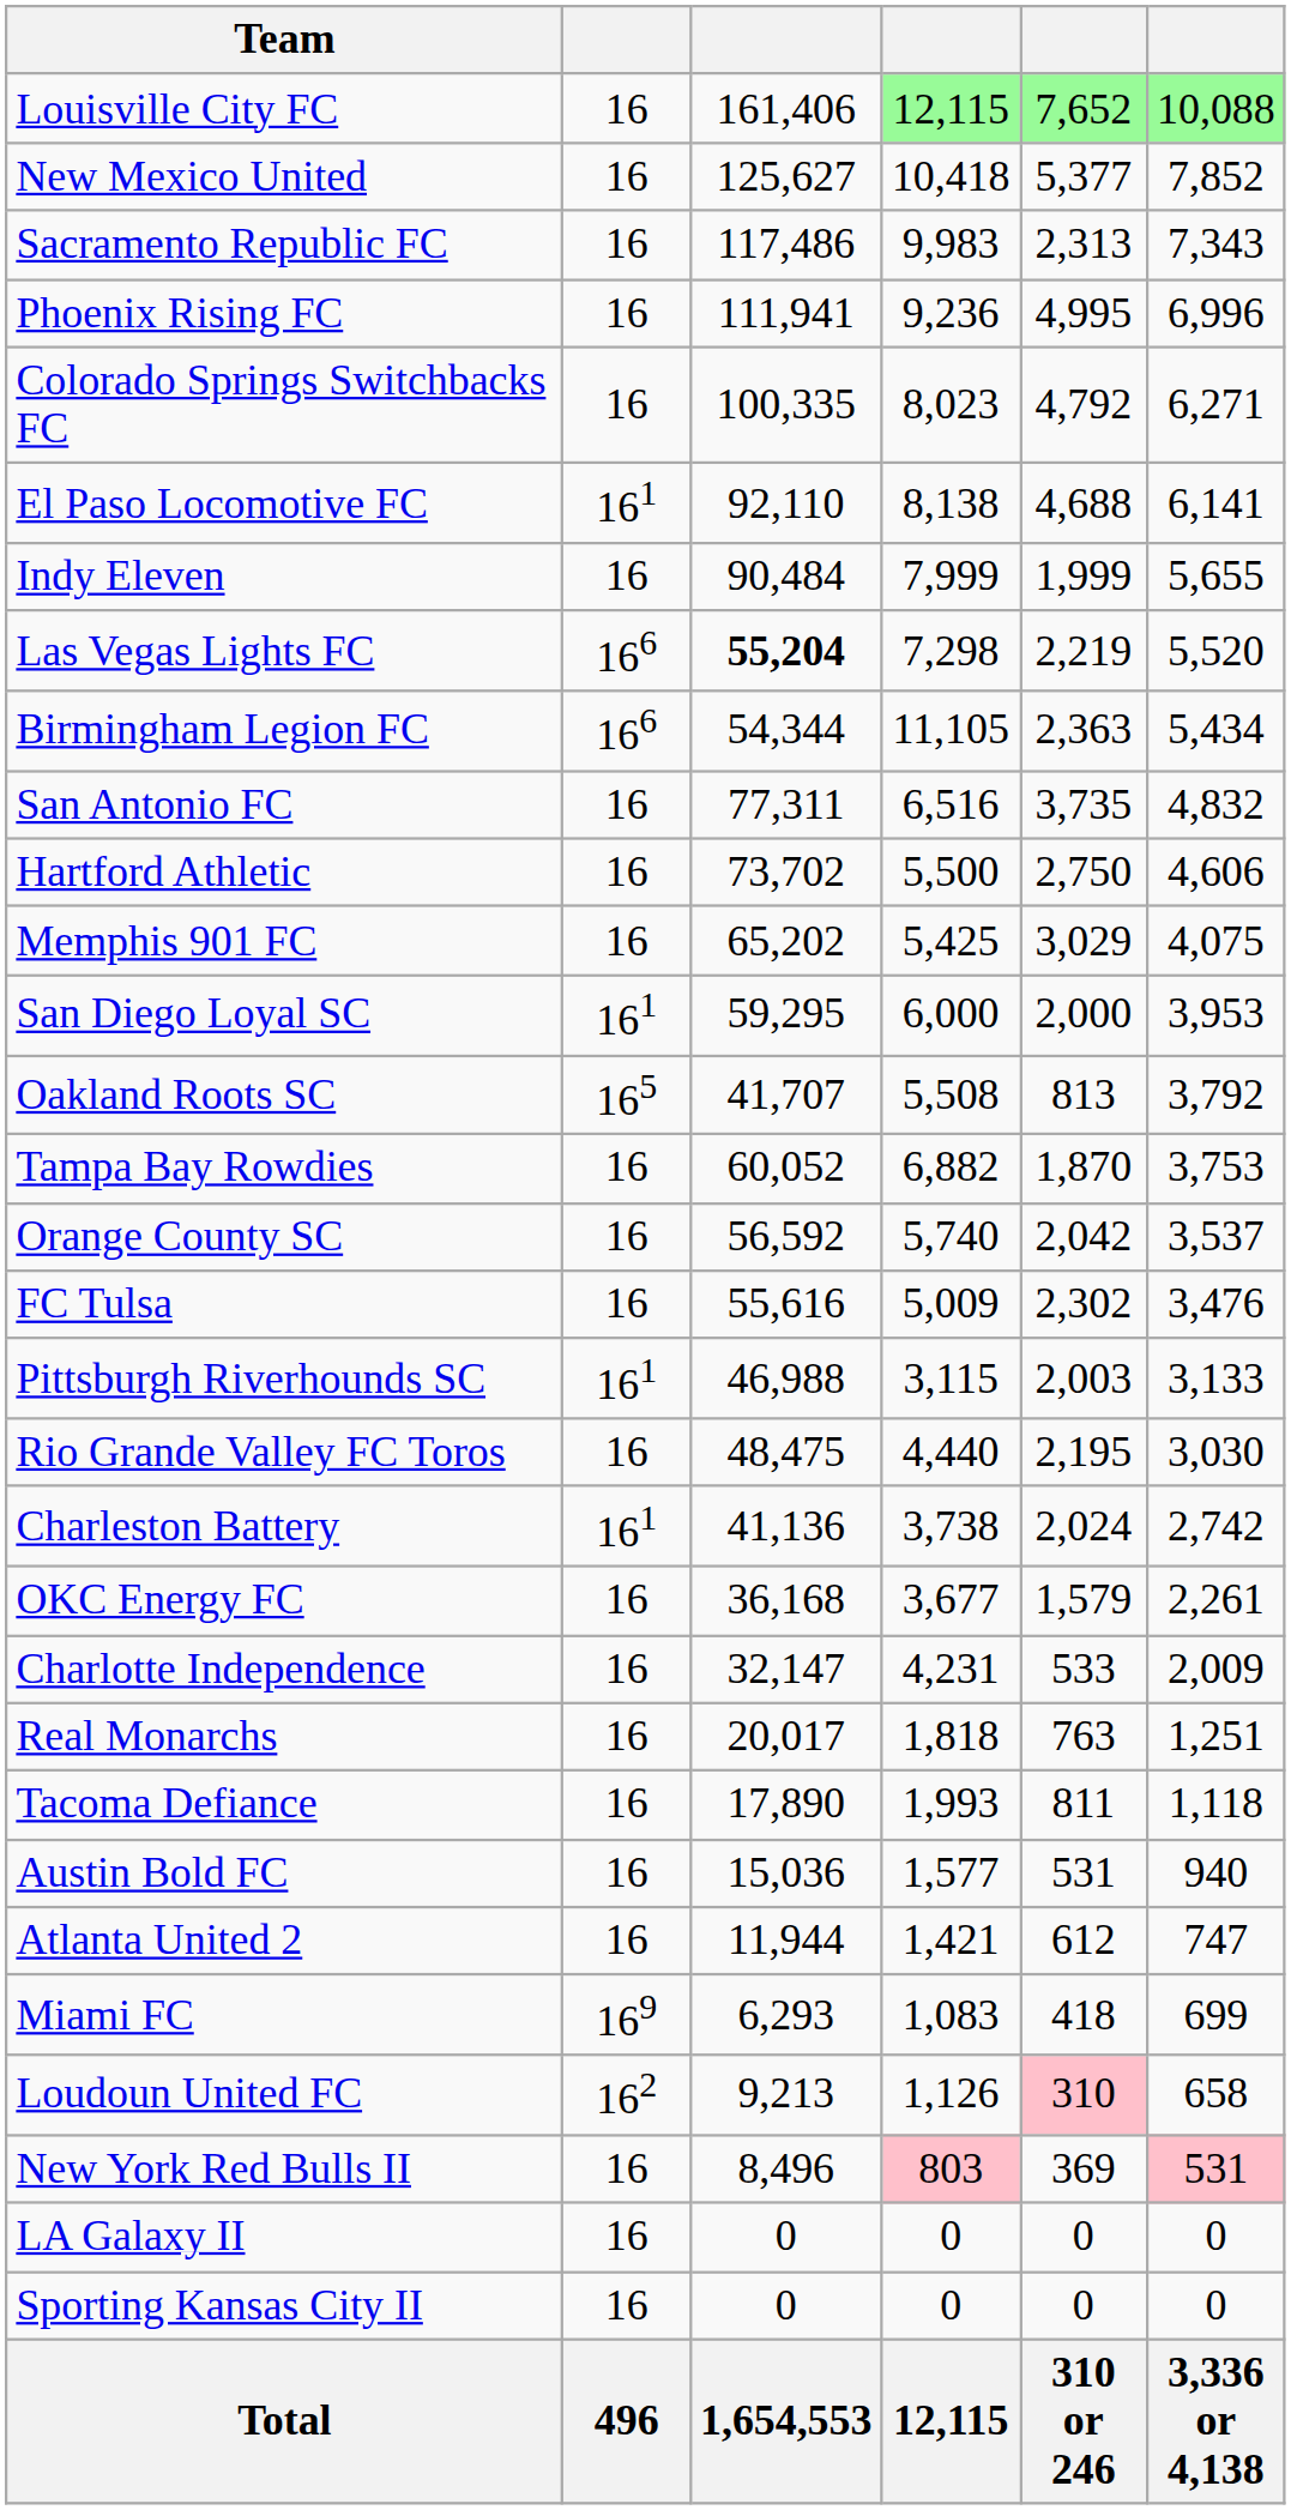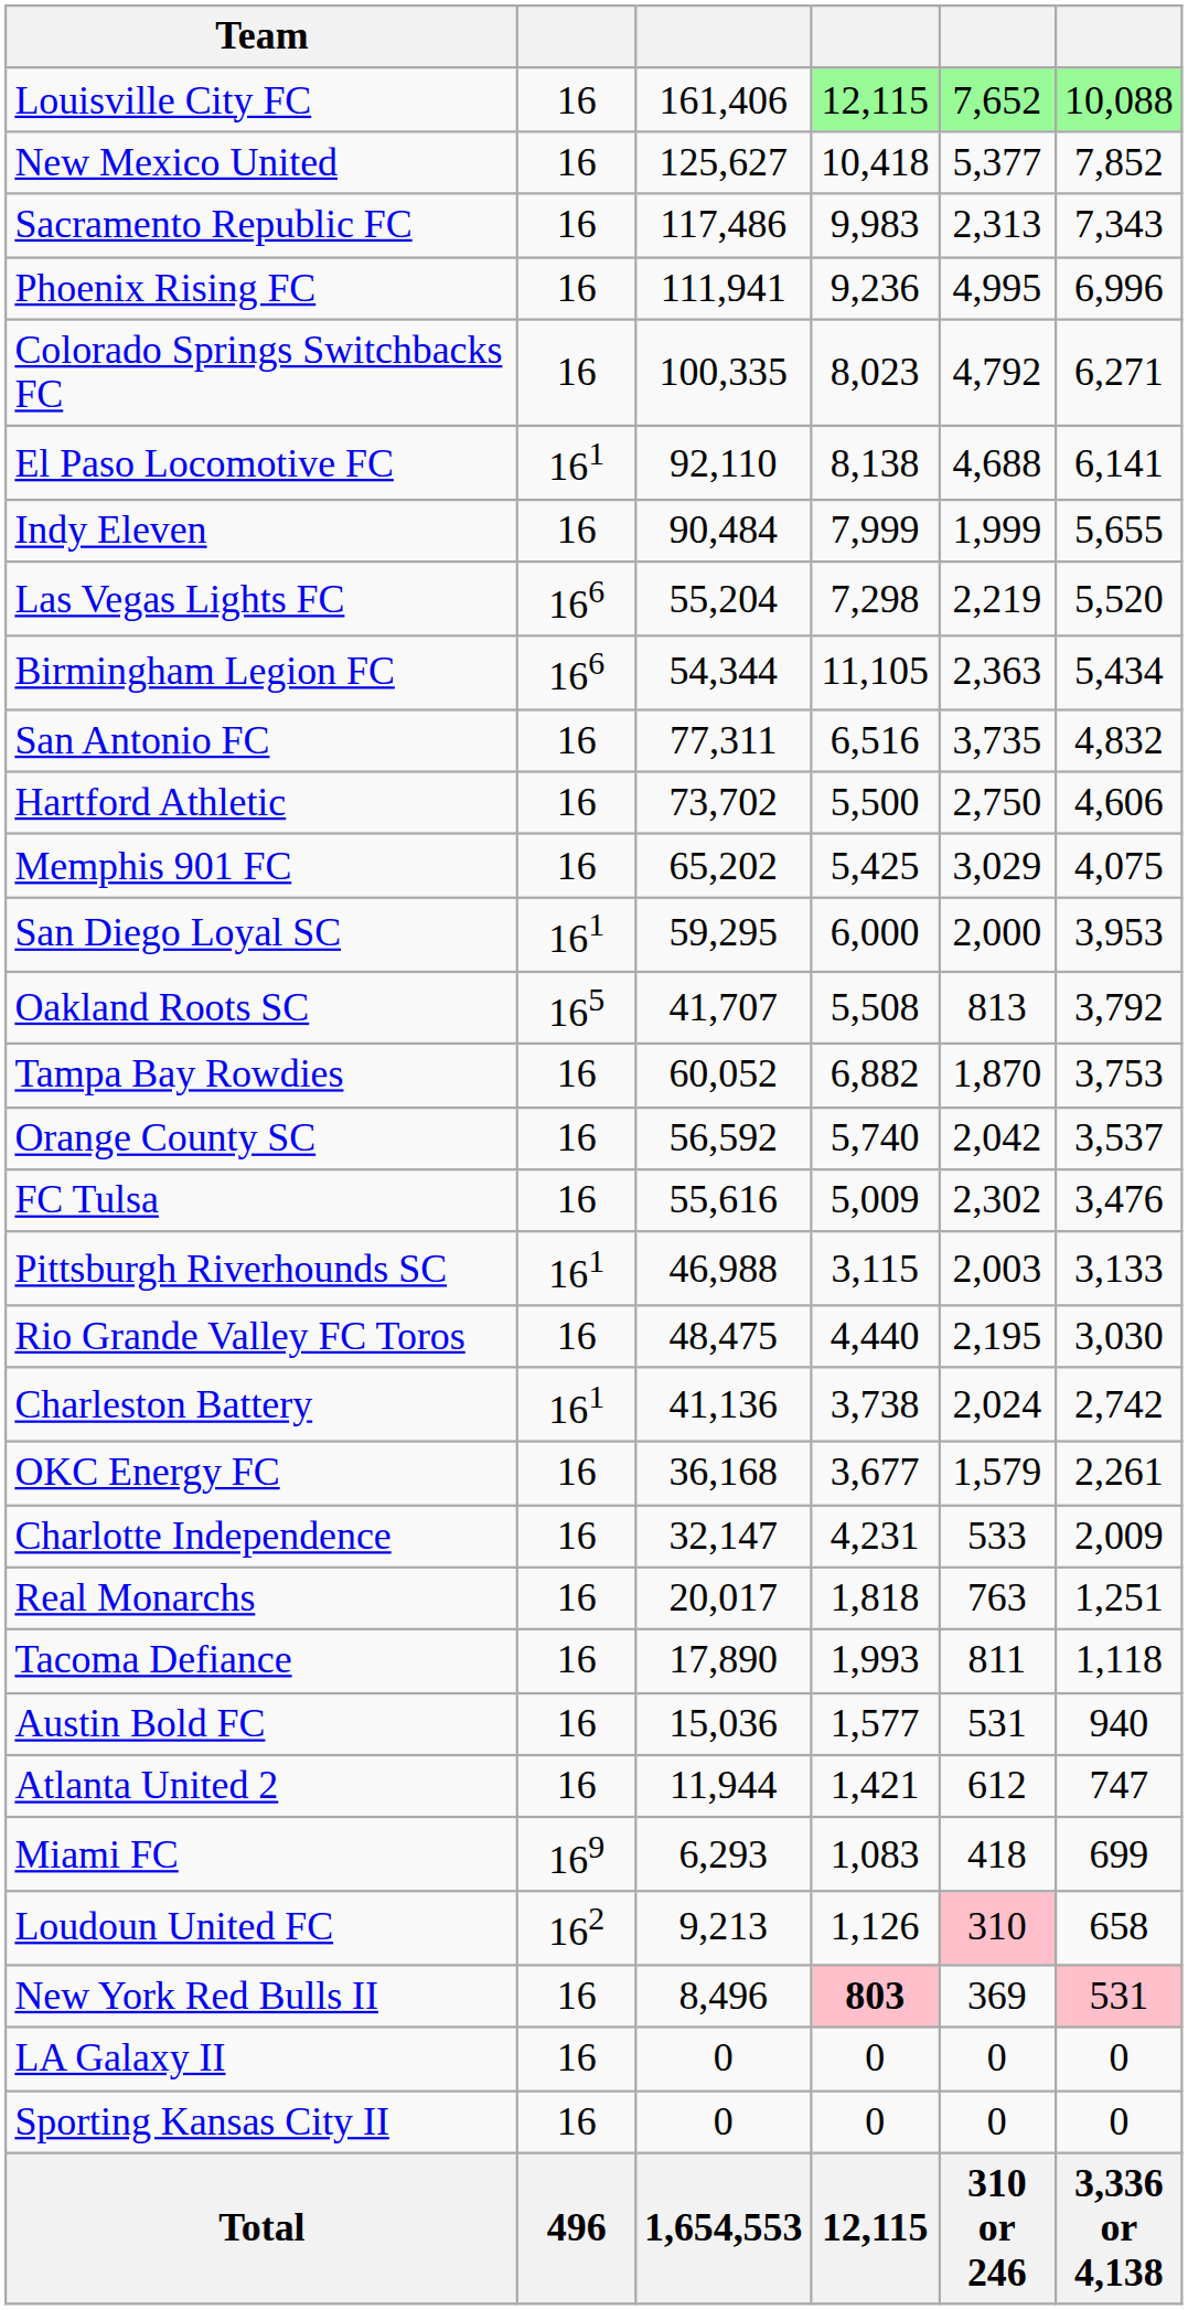 <table class="wikitable sortable">
 <tr>
 <th width=200>Team</th>
 <th width=40></th>
 <th width=40></th>
 <th width=40></th>
 <th width=40></th>
 <th width=40></th>
 </tr>
 <tr align="center">
 <td align="left"><a href='#'>Louisville City FC</a></td>
 <td>16</td>
 <td>161,406</td>
 <td bgcolor="#98fb98">12,115</td>
 <td bgcolor="#98fb98">7,652</td>
 <td bgcolor="#98fb98">10,088</td>
 </tr>
 <tr align="center">
 <td align="left"><a href='#'>New Mexico United</a></td>
 <td>16</td>
 <td>125,627</td>
 <td>10,418</td>
 <td>5,377</td>
 <td>7,852</td>
 </tr>
 <tr align="center">
 <td align="left"><a href='#'>Sacramento Republic FC</a></td>
 <td>16</td>
 <td>117,486</td>
 <td>9,983</td>
 <td>2,313</td>
 <td>7,343</td>
 </tr>
 <tr align="center">
 <td align="left"><a href='#'>Phoenix Rising FC</a></td>
 <td>16</td>
 <td>111,941</td>
 <td>9,236</td>
 <td>4,995</td>
 <td>6,996</td>
 </tr>
 <tr align="center">
 <td align="left"><a href='#'>Colorado Springs Switchbacks FC</a></td>
 <td>16</td>
 <td>100,335</td>
 <td>8,023</td>
 <td>4,792</td>
 <td>6,271</td>
 </tr>
 <tr align="center">
 <td align="left"><a href='#'>El Paso Locomotive FC</a></td>
 <td>16<sup>1</sup></td>
 <td>92,110</td>
 <td>8,138</td>
 <td>4,688</td>
 <td>6,141</td>
 </tr>
 <tr align="center">
 <td align="left"><a href='#'>Indy Eleven</a></td>
 <td>16</td>
 <td>90,484</td>
 <td>7,999</td>
 <td>1,999</td>
 <td>5,655</td>
 </tr>
 <tr align="center">
 <td align="left"><a href='#'>Las Vegas Lights FC</a></td>
 <td>16<sup>6</sup></td>
-<td><strong>55,204</strong></td>
+<td>55,204</td>
 <td>7,298</td>
 <td>2,219</td>
 <td>5,520</td>
 </tr>
 <tr align="center">
 <td align="left"><a href='#'>Birmingham Legion FC</a></td>
 <td>16<sup>6</sup></td>
 <td>54,344</td>
 <td>11,105</td>
 <td>2,363</td>
 <td>5,434</td>
 </tr>
 <tr align="center">
 <td align="left"><a href='#'>San Antonio FC</a></td>
 <td>16</td>
 <td>77,311</td>
 <td>6,516</td>
 <td>3,735</td>
 <td>4,832</td>
 </tr>
 <tr align="center">
 <td align="left"><a href='#'>Hartford Athletic</a></td>
 <td>16</td>
 <td>73,702</td>
 <td>5,500</td>
 <td>2,750</td>
 <td>4,606</td>
 </tr>
 <tr align="center">
 <td align="left"><a href='#'>Memphis 901 FC</a></td>
 <td>16</td>
 <td>65,202</td>
 <td>5,425</td>
 <td>3,029</td>
 <td>4,075</td>
 </tr>
 <tr align="center">
 <td align="left"><a href='#'>San Diego Loyal SC</a></td>
 <td>16<sup>1</sup></td>
 <td>59,295</td>
 <td>6,000</td>
 <td>2,000</td>
 <td>3,953</td>
 </tr>
 <tr align=center>
 <td align=left><a href='#'>Oakland Roots SC</a></td>
 <td>16<sup>5</sup></td>
 <td>41,707</td>
 <td>5,508</td>
 <td>813</td>
 <td>3,792</td>
 </tr>
 <tr align="center">
 <td align="left"><a href='#'>Tampa Bay Rowdies</a></td>
 <td>16</td>
 <td>60,052</td>
 <td>6,882</td>
 <td>1,870</td>
 <td>3,753</td>
 </tr>
 <tr align="center">
 <td align="left"><a href='#'>Orange County SC</a></td>
 <td>16</td>
 <td>56,592</td>
 <td>5,740</td>
 <td>2,042</td>
 <td>3,537</td>
 </tr>
 <tr align="center">
 <td align="left"><a href='#'>FC Tulsa</a></td>
 <td>16</td>
 <td>55,616</td>
 <td>5,009</td>
 <td>2,302</td>
 <td>3,476</td>
 </tr>
 <tr align="center">
 <td align="left"><a href='#'>Pittsburgh Riverhounds SC</a></td>
 <td>16<sup>1</sup></td>
 <td>46,988</td>
 <td>3,115</td>
 <td>2,003</td>
 <td>3,133</td>
 </tr>
 <tr align="center">
 <td align="left"><a href='#'>Rio Grande Valley FC Toros</a></td>
 <td>16</td>
 <td>48,475</td>
 <td>4,440</td>
 <td>2,195</td>
 <td>3,030</td>
 </tr>
 <tr align="center">
 <td align="left"><a href='#'>Charleston Battery</a></td>
 <td>16<sup>1</sup></td>
 <td>41,136</td>
 <td>3,738</td>
 <td>2,024</td>
 <td>2,742</td>
 </tr>
 <tr align="center">
 <td align="left"><a href='#'>OKC Energy FC</a></td>
 <td>16</td>
 <td>36,168</td>
 <td>3,677</td>
 <td>1,579</td>
 <td>2,261</td>
 </tr>
 <tr align="center">
 <td align="left"><a href='#'>Charlotte Independence</a></td>
 <td>16</td>
 <td>32,147</td>
 <td>4,231</td>
 <td>533</td>
 <td>2,009</td>
 </tr>
 <tr align="center">
 <td align="left"><a href='#'>Real Monarchs</a></td>
 <td>16</td>
 <td>20,017</td>
 <td>1,818</td>
 <td>763</td>
 <td>1,251</td>
 </tr>
 <tr align="center">
 <td align="left"><a href='#'>Tacoma Defiance</a></td>
 <td>16</td>
 <td>17,890</td>
 <td>1,993</td>
 <td>811</td>
 <td>1,118</td>
 </tr>
 <tr align="center">
 <td align="left"><a href='#'>Austin Bold FC</a></td>
 <td>16</td>
 <td>15,036</td>
 <td>1,577</td>
 <td>531</td>
 <td>940</td>
 </tr>
 <tr align="center">
 <td align="left"><a href='#'>Atlanta United 2</a></td>
 <td>16</td>
 <td>11,944</td>
 <td>1,421</td>
 <td>612</td>
 <td>747</td>
 </tr>
 <tr align="center">
 <td align="left"><a href='#'>Miami FC</a></td>
 <td>16<sup>9</sup></td>
 <td>6,293</td>
 <td>1,083</td>
 <td>418</td>
 <td>699</td>
 </tr>
 <tr align="center">
 <td align="left"><a href='#'>Loudoun United FC</a></td>
 <td>16<sup>2</sup></td>
 <td>9,213</td>
 <td>1,126</td>
 <td bgcolor="#ffc0cb">310</td>
 <td>658</td>
 </tr>
 <tr align="center">
 <td align="left"><a href='#'>New York Red Bulls II</a></td>
 <td>16</td>
 <td>8,496</td>
-<td bgcolor="#ffc0cb">803</td>
+<td bgcolor="#ffc0cb"><strong>803</strong></td>
 <td>369</td>
 <td bgcolor="#ffc0cb">531</td>
 </tr>
 <tr align="center">
 <td align="left"><a href='#'>LA Galaxy II</a></td>
 <td>16</td>
 <td>0</td>
 <td>0</td>
 <td>0</td>
 <td>0</td>
 </tr>
 <tr align="center">
 <td align="left"><a href='#'>Sporting Kansas City II</a></td>
 <td>16</td>
 <td>0</td>
 <td>0</td>
 <td>0</td>
 <td>0</td>
 </tr>
 <tr align="center">
 <th align="left">Total</th>
 <th>496</th>
 <th>1,654,553</th>
 <th>12,115</th>
 <th>310 or 246</th>
 <th>3,336 or 4,138</th>
 </tr>
 </table>
